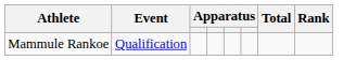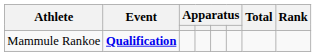 <table class="wikitable" style="font-size:90%">
 <tr>
 <th rowspan=2>Athlete</th>
 <th rowspan=2>Event</th>
 <th colspan =4>Apparatus</th>
 <th rowspan=2>Total</th>
 <th rowspan=2>Rank</th>
 </tr>
 <tr style="font-size:95%">
 <th></th>
 <th></th>
 <th></th>
 <th></th>
 </tr>
 <tr align=center>
 <td align=left>Mammule Rankoe</td>
-<td align=left><a href='#'>Qualification</a></td>
+<td align=left><strong><a href='#'>Qualification</a></strong></td>
 <td></td>
 <td></td>
 <td></td>
 <td></td>
 <td></td>
 <td></td>
 </tr>
 </table>
